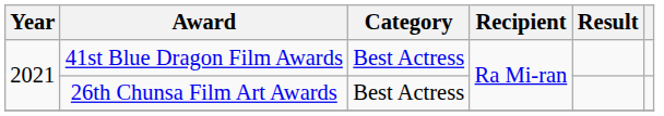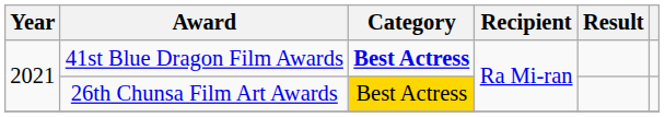 <table class="wikitable sortable plainrowheaders" style="text-align:center;">
 <tr>
 <th scope="col">Year</th>
 <th scope="col">Award</th>
 <th scope="col">Category</th>
 <th scope="col">Recipient</th>
 <th scope="col">Result</th>
 <th scope="col" class="unsortable"></th>
 </tr>
 <tr>
 <td rowspan="2">2021</td>
 <td><a href='#'>41st Blue Dragon Film Awards</a></td>
-<td><a href='#'>Best Actress</a></td>
+<td><strong><a href='#'>Best Actress</a></strong></td>
 <td rowspan="2"><a href='#'>Ra Mi-ran</a></td>
 <td></td>
 <td></td>
 </tr>
 <tr>
 <td><a href='#'>26th Chunsa Film Art Awards</a></td>
-<td>Best Actress</td>
+<td style="background: gold;">Best Actress</td>
 <td></td>
 <td></td>
 </tr>
 <tr>
 </tr>
 </table>
